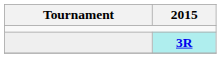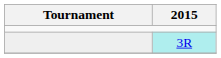 <table class="wikitable" style="width:20%; margin:0">
 <tr>
 <th>Tournament</th>
 <th>2015</th>
 </tr>
 <tr>
 <td colspan="2" align="left"><strong></strong></td>
 </tr>
 <tr>
 <td style="background:#efefef;" align=left></td>
-<td style="text-align:center; background:#afeeee;"><strong><a href='#'>3R</a></strong></td>
+<td style="text-align:center; background:#afeeee;"><a href='#'>3R</a></td>
 </tr>
 <tr>
 </tr>
 </table>
